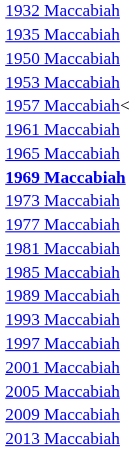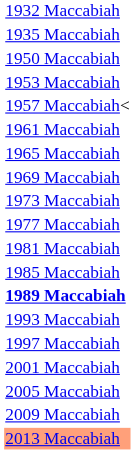 <table>
 <tr valign="top">
 <td><a href='#'>1932 Maccabiah</a></td>
 <td></td>
 <td></td>
 <td></td>
 </tr>
 <tr>
 <td><a href='#'>1935 Maccabiah</a></td>
 <td></td>
 <td></td>
 <td></td>
 </tr>
 <tr>
 <td><a href='#'>1950 Maccabiah</a></td>
 <td></td>
 <td></td>
 <td></td>
 </tr>
 <tr>
 <td><a href='#'>1953 Maccabiah</a></td>
 <td></td>
 <td></td>
 <td></td>
 </tr>
 <tr>
 <td><a href='#'>1957 Maccabiah</a><</td>
 <td></td>
 <td></td>
 <td></td>
 </tr>
 <tr>
 <td><a href='#'>1961 Maccabiah</a></td>
 <td></td>
 <td></td>
 <td></td>
 </tr>
 <tr>
 <td><a href='#'>1965 Maccabiah</a></td>
 <td></td>
 <td></td>
 <td></td>
 </tr>
 <tr>
-<td><strong><a href='#'>1969 Maccabiah</a></strong></td>
+<td><a href='#'>1969 Maccabiah</a></td>
 <td></td>
 <td></td>
 <td></td>
 </tr>
 <tr>
 <td><a href='#'>1973 Maccabiah</a></td>
 <td></td>
 <td></td>
 <td></td>
 </tr>
 <tr>
 <td><a href='#'>1977 Maccabiah</a></td>
 <td></td>
 <td></td>
 <td></td>
 </tr>
 <tr>
 <td><a href='#'>1981 Maccabiah</a></td>
 <td></td>
 <td></td>
 <td></td>
 </tr>
 <tr>
 <td><a href='#'>1985 Maccabiah</a></td>
 <td></td>
 <td></td>
 <td></td>
 </tr>
 <tr>
-<td><a href='#'>1989 Maccabiah</a></td>
+<td><strong><a href='#'>1989 Maccabiah</a></strong></td>
 <td></td>
 <td></td>
 <td></td>
 </tr>
 <tr>
 <td><a href='#'>1993 Maccabiah</a></td>
 <td></td>
 <td></td>
 <td></td>
 </tr>
 <tr>
 <td><a href='#'>1997 Maccabiah</a></td>
 <td></td>
 <td></td>
 <td></td>
 </tr>
 <tr>
 <td><a href='#'>2001 Maccabiah</a></td>
 <td></td>
 <td></td>
 <td></td>
 </tr>
 <tr>
 <td><a href='#'>2005 Maccabiah</a></td>
 <td></td>
 <td></td>
 <td></td>
 </tr>
 <tr>
 <td><a href='#'>2009 Maccabiah</a></td>
 <td></td>
 <td></td>
 <td></td>
 </tr>
 <tr>
-<td><a href='#'>2013 Maccabiah</a></td>
+<td style="background: lightsalmon;"><a href='#'>2013 Maccabiah</a></td>
 <td></td>
 <td></td>
 <td></td>
 </tr>
 </table>
